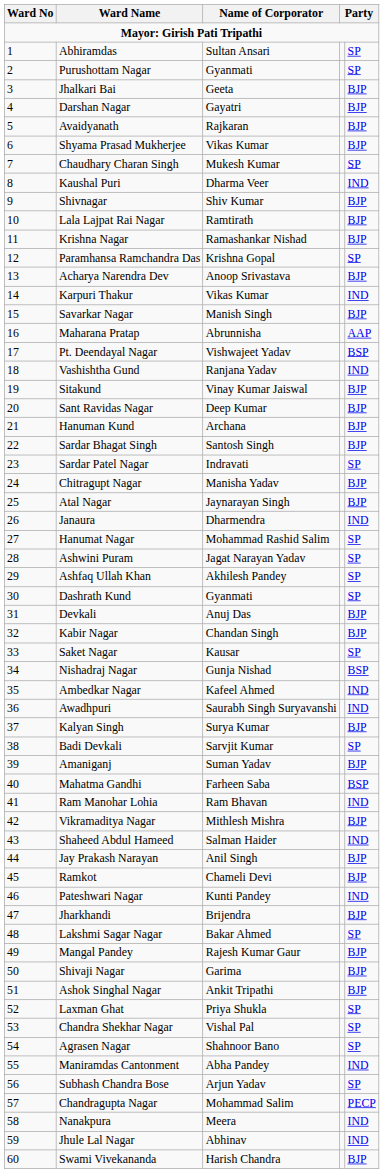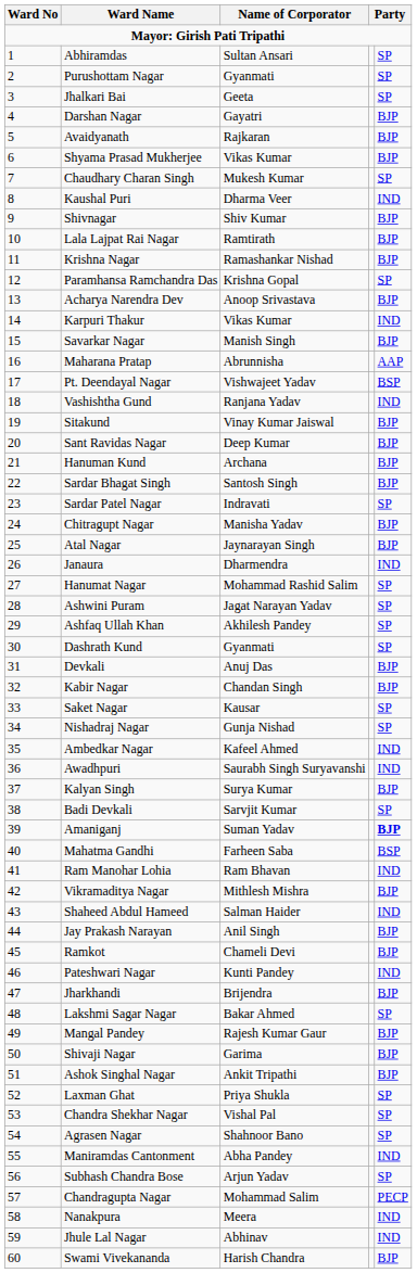 <table class="wikitable">
 <tr>
 <th>Ward No</th>
 <th>Ward Name</th>
 <th>Name of Corporator</th>
 <th colspan="2">Party</th>
 </tr>
 <tr>
 <td colspan=5 align=center><span><strong>Mayor: Girish Pati Tripathi</strong></span></td>
 </tr>
 <tr>
 <td>1</td>
 <td>Abhiramdas</td>
 <td>Sultan Ansari</td>
 <td style="background-color: "></td>
 <td><a href='#'>SP</a></td>
 </tr>
 <tr>
 <td>2</td>
 <td>Purushottam Nagar</td>
 <td>Gyanmati</td>
 <td style="background-color: "></td>
 <td><a href='#'>SP</a></td>
 </tr>
 <tr>
 <td>3</td>
 <td>Jhalkari Bai</td>
 <td>Geeta</td>
 <td style="background-color: "></td>
-<td><a href='#'>BJP</a></td>
+<td><a href='#'>SP</a></td>
 </tr>
 <tr>
 <td>4</td>
 <td>Darshan Nagar</td>
 <td>Gayatri</td>
 <td style="background-color: "></td>
 <td><a href='#'>BJP</a></td>
 </tr>
 <tr>
 <td>5</td>
 <td>Avaidyanath</td>
 <td>Rajkaran</td>
 <td style="background-color: "></td>
 <td><a href='#'>BJP</a></td>
 </tr>
 <tr>
 <td>6</td>
 <td>Shyama Prasad Mukherjee</td>
 <td>Vikas Kumar</td>
 <td style="background-color: "></td>
 <td><a href='#'>BJP</a></td>
 </tr>
 <tr>
 <td>7</td>
 <td>Chaudhary Charan Singh</td>
 <td>Mukesh Kumar</td>
 <td style="background-color: "></td>
 <td><a href='#'>SP</a></td>
 </tr>
 <tr>
 <td>8</td>
 <td>Kaushal Puri</td>
 <td>Dharma Veer</td>
 <td style="background-color: "></td>
 <td><a href='#'>IND</a></td>
 </tr>
 <tr>
 <td>9</td>
 <td>Shivnagar</td>
 <td>Shiv Kumar</td>
 <td style="background-color: "></td>
 <td><a href='#'>BJP</a></td>
 </tr>
 <tr>
 <td>10</td>
 <td>Lala Lajpat Rai Nagar</td>
 <td>Ramtirath</td>
 <td style="background-color: "></td>
 <td><a href='#'>BJP</a></td>
 </tr>
 <tr>
 <td>11</td>
 <td>Krishna Nagar</td>
 <td>Ramashankar Nishad</td>
 <td style="background-color: "></td>
 <td><a href='#'>BJP</a></td>
 </tr>
 <tr>
 <td>12</td>
 <td>Paramhansa Ramchandra Das</td>
 <td>Krishna Gopal</td>
 <td style="background-color: "></td>
 <td><a href='#'>SP</a></td>
 </tr>
 <tr>
 <td>13</td>
 <td>Acharya Narendra Dev</td>
 <td>Anoop Srivastava</td>
 <td style="background-color: "></td>
 <td><a href='#'>BJP</a></td>
 </tr>
 <tr>
 <td>14</td>
 <td>Karpuri Thakur</td>
 <td>Vikas Kumar</td>
 <td style="background-color: "></td>
 <td><a href='#'>IND</a></td>
 </tr>
 <tr>
 <td>15</td>
 <td>Savarkar Nagar</td>
 <td>Manish Singh</td>
 <td style="background-color: "></td>
 <td><a href='#'>BJP</a></td>
 </tr>
 <tr>
 <td>16</td>
 <td>Maharana Pratap</td>
 <td>Abrunnisha</td>
 <td style="background-color: "></td>
 <td><a href='#'>AAP</a></td>
 </tr>
 <tr>
 <td>17</td>
 <td>Pt. Deendayal Nagar</td>
 <td>Vishwajeet Yadav</td>
 <td style="background-color: "></td>
 <td><a href='#'>BSP</a></td>
 </tr>
 <tr>
 <td>18</td>
 <td>Vashishtha Gund</td>
 <td>Ranjana Yadav</td>
 <td style="background-color: "></td>
 <td><a href='#'>IND</a></td>
 </tr>
 <tr>
 <td>19</td>
 <td>Sitakund</td>
 <td>Vinay Kumar Jaiswal</td>
 <td style="background-color: "></td>
 <td><a href='#'>BJP</a></td>
 </tr>
 <tr>
 <td>20</td>
 <td>Sant Ravidas Nagar</td>
 <td>Deep Kumar</td>
 <td style="background-color: "></td>
 <td><a href='#'>BJP</a></td>
 </tr>
 <tr>
 <td>21</td>
 <td>Hanuman Kund</td>
 <td>Archana</td>
 <td style="background-color: "></td>
 <td><a href='#'>BJP</a></td>
 </tr>
 <tr>
 <td>22</td>
 <td>Sardar Bhagat Singh</td>
 <td>Santosh Singh</td>
 <td style="background-color: "></td>
 <td><a href='#'>BJP</a></td>
 </tr>
 <tr>
 <td>23</td>
 <td>Sardar Patel Nagar</td>
 <td>Indravati</td>
 <td style="background-color: "></td>
 <td><a href='#'>SP</a></td>
 </tr>
 <tr>
 <td>24</td>
 <td>Chitragupt Nagar</td>
 <td>Manisha Yadav</td>
 <td style="background-color: "></td>
 <td><a href='#'>BJP</a></td>
 </tr>
 <tr>
 <td>25</td>
 <td>Atal Nagar</td>
 <td>Jaynarayan Singh</td>
 <td style="background-color: "></td>
 <td><a href='#'>BJP</a></td>
 </tr>
 <tr>
 <td>26</td>
 <td>Janaura</td>
 <td>Dharmendra</td>
 <td style="background-color: "></td>
 <td><a href='#'>IND</a></td>
 </tr>
 <tr>
 <td>27</td>
 <td>Hanumat Nagar</td>
 <td>Mohammad Rashid Salim</td>
 <td style="background-color: "></td>
 <td><a href='#'>SP</a></td>
 </tr>
 <tr>
 <td>28</td>
 <td>Ashwini Puram</td>
 <td>Jagat Narayan Yadav</td>
 <td style="background-color: "></td>
 <td><a href='#'>SP</a></td>
 </tr>
 <tr>
 <td>29</td>
 <td>Ashfaq Ullah Khan</td>
 <td>Akhilesh Pandey</td>
 <td style="background-color: "></td>
 <td><a href='#'>SP</a></td>
 </tr>
 <tr>
 <td>30</td>
 <td>Dashrath Kund</td>
 <td>Gyanmati</td>
 <td style="background-color: "></td>
 <td><a href='#'>SP</a></td>
 </tr>
 <tr>
 <td>31</td>
 <td>Devkali</td>
 <td>Anuj Das</td>
 <td style="background-color: "></td>
 <td><a href='#'>BJP</a></td>
 </tr>
 <tr>
 <td>32</td>
 <td>Kabir Nagar</td>
 <td>Chandan Singh</td>
 <td style="background-color: "></td>
 <td><a href='#'>BJP</a></td>
 </tr>
 <tr>
 <td>33</td>
 <td>Saket Nagar</td>
 <td>Kausar</td>
 <td style="background-color: "></td>
 <td><a href='#'>SP</a></td>
 </tr>
 <tr>
 <td>34</td>
 <td>Nishadraj Nagar</td>
 <td>Gunja Nishad</td>
 <td style="background-color: "></td>
-<td><a href='#'>BSP</a></td>
+<td><a href='#'>SP</a></td>
 </tr>
 <tr>
 <td>35</td>
 <td>Ambedkar Nagar</td>
 <td>Kafeel Ahmed</td>
 <td style="background-color: "></td>
 <td><a href='#'>IND</a></td>
 </tr>
 <tr>
 <td>36</td>
 <td>Awadhpuri</td>
 <td>Saurabh Singh Suryavanshi</td>
 <td style="background-color: "></td>
 <td><a href='#'>IND</a></td>
 </tr>
 <tr>
 <td>37</td>
 <td>Kalyan Singh</td>
 <td>Surya Kumar</td>
 <td style="background-color: "></td>
 <td><a href='#'>BJP</a></td>
 </tr>
 <tr>
 <td>38</td>
 <td>Badi Devkali</td>
 <td>Sarvjit Kumar</td>
 <td style="background-color: "></td>
 <td><a href='#'>SP</a></td>
 </tr>
 <tr>
 <td>39</td>
 <td>Amaniganj</td>
 <td>Suman Yadav</td>
 <td style="background-color: "></td>
-<td><a href='#'>BJP</a></td>
+<td><strong><a href='#'>BJP</a></strong></td>
 </tr>
 <tr>
 <td>40</td>
 <td>Mahatma Gandhi</td>
 <td>Farheen Saba</td>
 <td style="background-color: "></td>
 <td><a href='#'>BSP</a></td>
 </tr>
 <tr>
 <td>41</td>
 <td>Ram Manohar Lohia</td>
 <td>Ram Bhavan</td>
 <td style="background-color: "></td>
 <td><a href='#'>IND</a></td>
 </tr>
 <tr>
 <td>42</td>
 <td>Vikramaditya Nagar</td>
 <td>Mithlesh Mishra</td>
 <td style="background-color: "></td>
 <td><a href='#'>BJP</a></td>
 </tr>
 <tr>
 <td>43</td>
 <td>Shaheed Abdul Hameed</td>
 <td>Salman Haider</td>
 <td style="background-color: "></td>
 <td><a href='#'>IND</a></td>
 </tr>
 <tr>
 <td>44</td>
 <td>Jay Prakash Narayan</td>
 <td>Anil Singh</td>
 <td style="background-color: "></td>
 <td><a href='#'>BJP</a></td>
 </tr>
 <tr>
 <td>45</td>
 <td>Ramkot</td>
 <td>Chameli Devi</td>
 <td style="background-color: "></td>
 <td><a href='#'>BJP</a></td>
 </tr>
 <tr>
 <td>46</td>
 <td>Pateshwari Nagar</td>
 <td>Kunti Pandey</td>
 <td style="background-color: "></td>
 <td><a href='#'>IND</a></td>
 </tr>
 <tr>
 <td>47</td>
 <td>Jharkhandi</td>
 <td>Brijendra</td>
 <td style="background-color: "></td>
 <td><a href='#'>BJP</a></td>
 </tr>
 <tr>
 <td>48</td>
 <td>Lakshmi Sagar Nagar</td>
 <td>Bakar Ahmed</td>
 <td style="background-color: "></td>
 <td><a href='#'>SP</a></td>
 </tr>
 <tr>
 <td>49</td>
 <td>Mangal Pandey</td>
 <td>Rajesh Kumar Gaur</td>
 <td style="background-color: "></td>
 <td><a href='#'>BJP</a></td>
 </tr>
 <tr>
 <td>50</td>
 <td>Shivaji Nagar</td>
 <td>Garima</td>
 <td style="background-color: "></td>
 <td><a href='#'>BJP</a></td>
 </tr>
 <tr>
 <td>51</td>
 <td>Ashok Singhal Nagar</td>
 <td>Ankit Tripathi</td>
 <td style="background-color: "></td>
 <td><a href='#'>BJP</a></td>
 </tr>
 <tr>
 <td>52</td>
 <td>Laxman Ghat</td>
 <td>Priya Shukla</td>
 <td style="background-color: "></td>
 <td><a href='#'>SP</a></td>
 </tr>
 <tr>
 <td>53</td>
 <td>Chandra Shekhar Nagar</td>
 <td>Vishal Pal</td>
 <td style="background-color: "></td>
 <td><a href='#'>SP</a></td>
 </tr>
 <tr>
 <td>54</td>
 <td>Agrasen Nagar</td>
 <td>Shahnoor Bano</td>
 <td style="background-color: "></td>
 <td><a href='#'>SP</a></td>
 </tr>
 <tr>
 <td>55</td>
 <td>Maniramdas Cantonment</td>
 <td>Abha Pandey</td>
 <td style="background-color: "></td>
 <td><a href='#'>IND</a></td>
 </tr>
 <tr>
 <td>56</td>
 <td>Subhash Chandra Bose</td>
 <td>Arjun Yadav</td>
 <td style="background-color: "></td>
 <td><a href='#'>SP</a></td>
 </tr>
 <tr>
 <td>57</td>
 <td>Chandragupta Nagar</td>
 <td>Mohammad Salim</td>
 <td style="background-color: "></td>
 <td><a href='#'>PECP</a></td>
 </tr>
 <tr>
 <td>58</td>
 <td>Nanakpura</td>
 <td>Meera</td>
 <td style="background-color: "></td>
 <td><a href='#'>IND</a></td>
 </tr>
 <tr>
 <td>59</td>
 <td>Jhule Lal Nagar</td>
 <td>Abhinav</td>
 <td style="background-color: "></td>
 <td><a href='#'>IND</a></td>
 </tr>
 <tr>
 <td>60</td>
 <td>Swami Vivekananda</td>
 <td>Harish Chandra</td>
 <td style="background-color: "></td>
 <td><a href='#'>BJP</a></td>
 </tr>
 </table>
